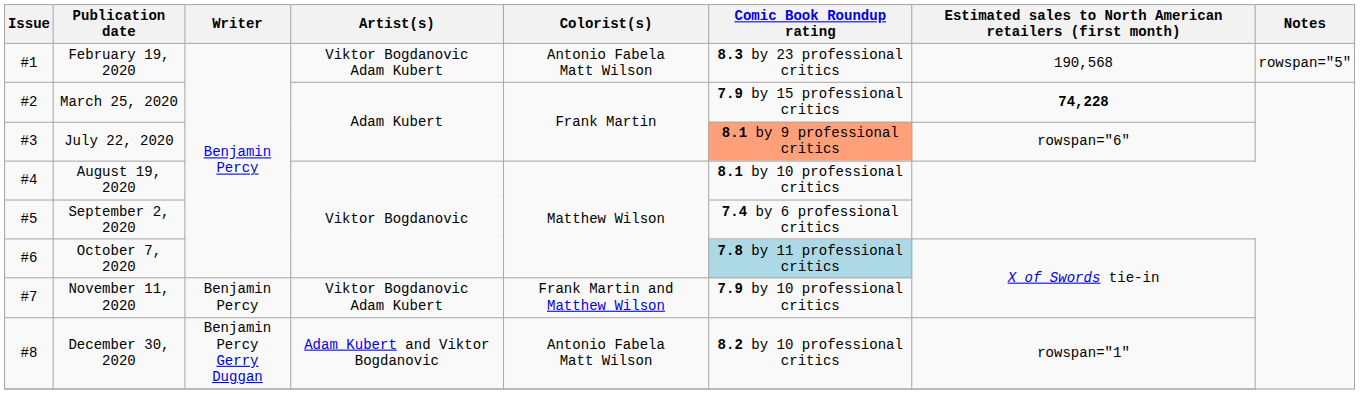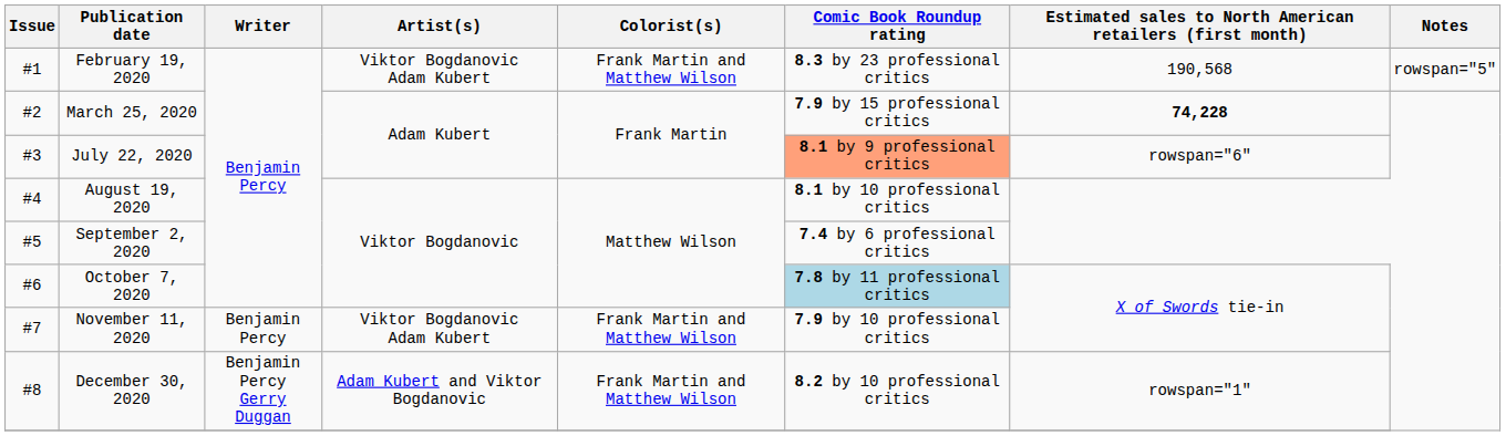 <table class="wikitable plainrowheaders" style="text-align:center;">
 <tr>
 <th scope="col"><strong>Issue</strong></th>
 <th scope="col"><strong>Publication date</strong></th>
 <th scope="col"><strong>Writer</strong></th>
 <th scope="col"><strong>Artist(s)</strong></th>
 <th scope="col"><strong>Colorist(s)</strong></th>
 <th scope="col"><strong><a href='#'>Comic Book Roundup</a> rating</strong></th>
 <th scope="col"><strong>Estimated sales to North American retailers (first month)</strong></th>
 <th scope="col">Notes</th>
 </tr>
 <tr>
 <td>#1</td>
 <td>February 19, 2020</td>
 <td rowspan="6"><a href='#'>Benjamin Percy</a></td>
 <td>Viktor Bogdanovic<br>Adam Kubert</td>
-<td>Antonio Fabela<br>Matt Wilson</td>
+<td>Frank Martin and <a href='#'>Matthew Wilson</a></td>
 <td><strong>8.3</strong> by 23 professional critics</td>
 <td>190,568</td>
 <td>rowspan="5" </td>
 </tr>
 <tr>
 <td>#2</td>
 <td>March 25, 2020</td>
 <td rowspan="2">Adam Kubert</td>
 <td rowspan="2">Frank Martin</td>
 <td><strong>7.9</strong> by 15 professional critics</td>
 <td><strong>74,228</strong></td>
 </tr>
 <tr>
 <td>#3</td>
 <td>July 22, 2020</td>
 <td style="background: lightsalmon;"><strong>8.1</strong> by 9 professional critics</td>
 <td>rowspan="6" </td>
 </tr>
 <tr>
 <td>#4</td>
 <td>August 19, 2020</td>
 <td rowspan="3">Viktor Bogdanovic</td>
 <td rowspan="3">Matthew Wilson</td>
 <td><strong>8.1</strong> by 10 professional critics</td>
 </tr>
 <tr>
 <td>#5</td>
 <td>September 2, 2020</td>
 <td><strong>7.4</strong> by 6 professional critics</td>
 </tr>
 <tr>
 <td>#6</td>
 <td>October 7, 2020</td>
 <td style="background: lightblue;"><strong>7.8</strong> by 11 professional critics</td>
 <td rowspan="2"><em><a href='#'>X of Swords</a></em> tie-in</td>
 </tr>
 <tr>
 <td>#7</td>
 <td>November 11, 2020</td>
 <td>Benjamin Percy</td>
 <td>Viktor Bogdanovic<br>Adam Kubert</td>
 <td>Frank Martin and <a href='#'>Matthew Wilson</a></td>
 <td><strong>7.9</strong> by 10 professional critics</td>
 </tr>
 <tr>
 <td>#8</td>
 <td>December 30, 2020</td>
 <td>Benjamin Percy<br><a href='#'>Gerry Duggan</a></td>
 <td><a href='#'>Adam Kubert</a> and Viktor Bogdanovic</td>
-<td>Antonio Fabela<br>Matt Wilson</td>
+<td>Frank Martin and <a href='#'>Matthew Wilson</a></td>
 <td><strong>8.2</strong> by 10 professional critics</td>
 <td>rowspan="1" </td>
 </tr>
 <tr>
 </tr>
 </table>
